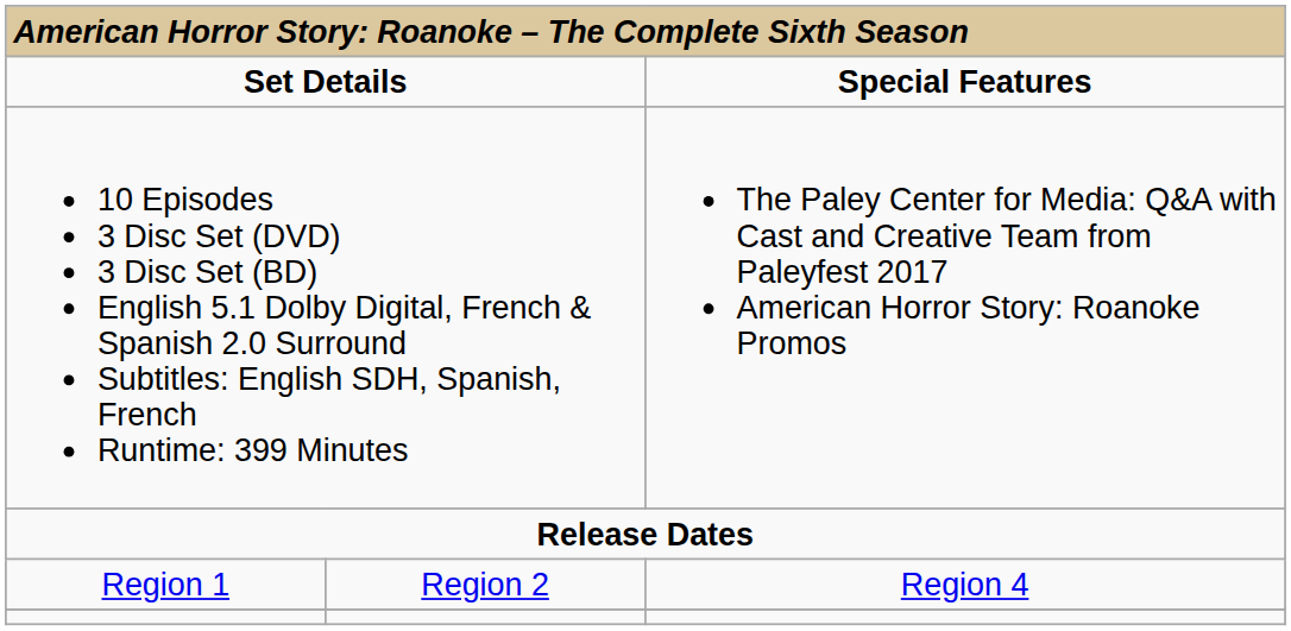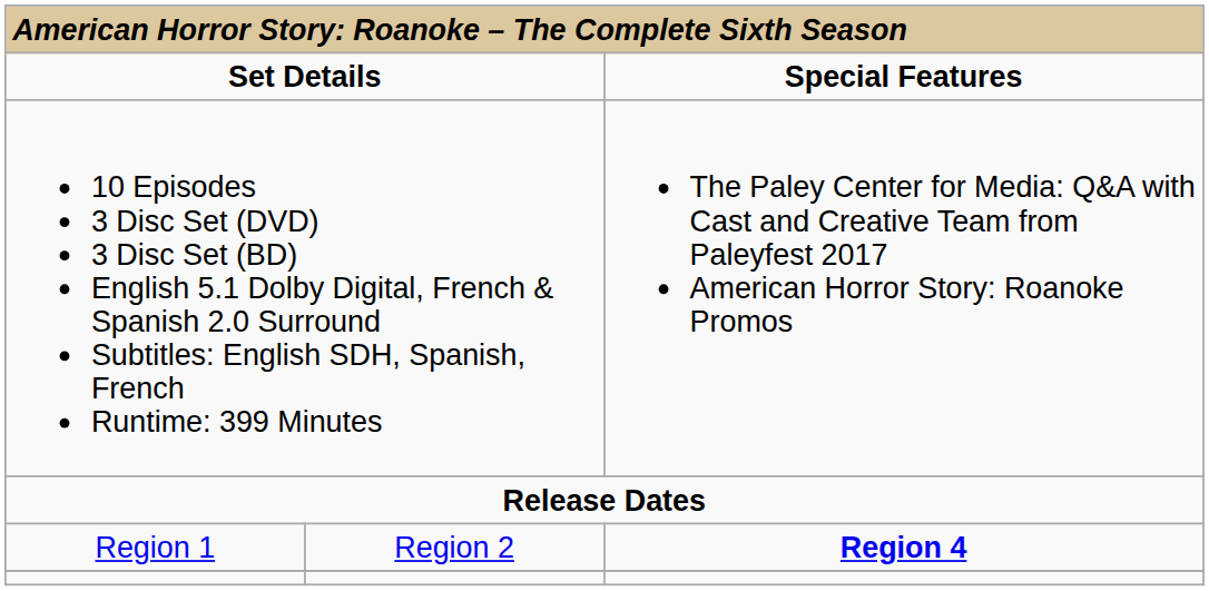 <table class="wikitable" style="font-size: 95%;">
 <tr style="background:#DCC89F;">
 <td colspan="3"><span> <strong><em>American Horror Story: Roanoke – The Complete Sixth Season</em></strong></span></td>
 </tr>
 <tr style="vertical-align:top; text-align:center;">
 <td style="width:400px;" colspan="2"><strong>Set Details</strong></td>
 <td style="width:400px; " colspan="2"><strong>Special Features</strong></td>
 </tr>
 <tr valign="top">
 <td colspan="2"  style="text-align:left; width:400px;"><br><ul><li>10 Episodes</li><li>3 Disc Set (DVD)</li><li>3 Disc Set (BD)</li><li>English 5.1 Dolby Digital, French & Spanish 2.0 Surround</li><li>Subtitles: English SDH, Spanish, French</li><li>Runtime: 399 Minutes</li></ul></td>
 <td colspan="3"  style="text-align:left; width:400px;"><br><ul><li>The Paley Center for Media: Q&A with Cast and Creative Team from Paleyfest 2017</li><li>American Horror Story: Roanoke Promos</li></ul></td>
 </tr>
 <tr>
 <td colspan="3" style="text-align:center;"><strong>Release Dates</strong></td>
 </tr>
 <tr>
 <td style="text-align:center;"><a href='#'>Region 1</a></td>
 <td style="text-align:center;"><a href='#'>Region 2</a></td>
-<td style="text-align:center;"><a href='#'>Region 4</a></td>
+<td style="text-align:center;"><strong><a href='#'>Region 4</a></strong></td>
 </tr>
 <tr style="text-align:center;">
 </tr>
 <tr style="text-align:center;">
 </tr>
 <tr>
 <td colspan="1"></td>
 <td colspan="1"></td>
 <td colspan="1"></td>
 </tr>
 </table>
